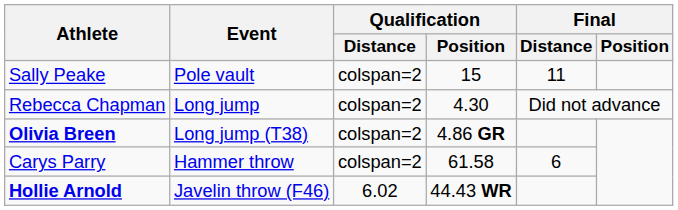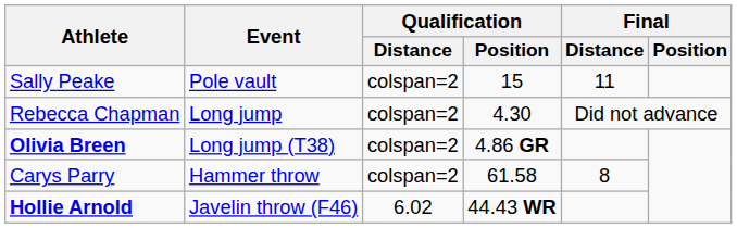 <table class=wikitable style="font-size:90%">
 <tr>
 <th rowspan=2>Athlete</th>
 <th rowspan=2>Event</th>
 <th colspan=2>Qualification</th>
 <th colspan=2>Final</th>
 </tr>
 <tr style="font-size:95%">
 <th>Distance</th>
 <th>Position</th>
 <th>Distance</th>
 <th>Position</th>
 </tr>
 <tr align=center>
 <td align=left><a href='#'>Sally Peake</a></td>
 <td align=left><a href='#'>Pole vault</a></td>
 <td>colspan=2 </td>
 <td>15</td>
 <td>11</td>
 </tr>
 <tr align=center>
 <td align=left><a href='#'>Rebecca Chapman</a></td>
 <td align=left><a href='#'>Long jump</a></td>
 <td>colspan=2 </td>
 <td>4.30</td>
 <td colspan=2>Did not advance</td>
 </tr>
 <tr align=center>
 <td align=left><strong><a href='#'>Olivia Breen</a></strong></td>
 <td align=left><a href='#'>Long jump (T38)</a></td>
 <td>colspan=2 </td>
 <td>4.86 <strong>GR</strong></td>
 <td></td>
 </tr>
 <tr align=center>
 <td align=left><a href='#'>Carys Parry</a></td>
 <td align=left><a href='#'>Hammer throw</a></td>
 <td>colspan=2 </td>
 <td>61.58</td>
-<td>6</td>
+<td>8</td>
 </tr>
 <tr align=center>
 <td align=left><strong><a href='#'>Hollie Arnold</a></strong></td>
 <td align=left><a href='#'>Javelin throw (F46)</a></td>
 <td>6.02</td>
 <td>44.43 <strong>WR</strong></td>
 <td></td>
 </tr>
 </table>
